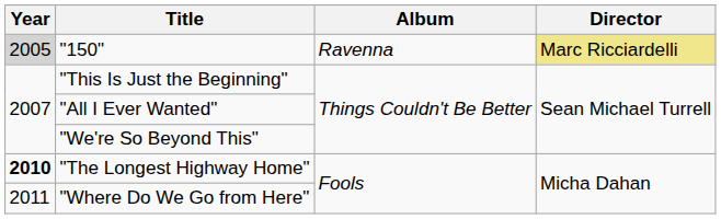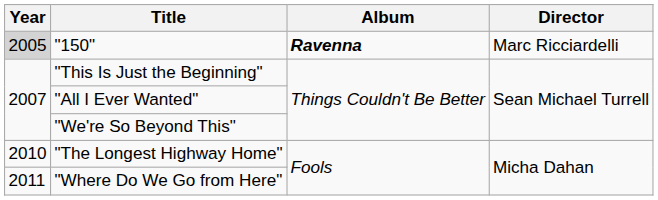 <table class="wikitable">
 <tr>
 <th>Year</th>
 <th>Title</th>
 <th>Album</th>
 <th>Director</th>
 </tr>
 <tr>
 <td style="background: lightgrey;">2005</td>
 <td>"150"</td>
-<td><em>Ravenna</em></td>
-<td style="background: khaki;">Marc Ricciardelli</td>
+<td><strong><em>Ravenna</em></strong></td>
+<td>Marc Ricciardelli</td>
 </tr>
 <tr>
 <td rowspan="3">2007</td>
 <td>"This Is Just the Beginning"</td>
 <td rowspan="3"><em>Things Couldn't Be Better</em></td>
 <td rowspan="3">Sean Michael Turrell</td>
 </tr>
 <tr>
 <td>"All I Ever Wanted"</td>
 </tr>
 <tr>
 <td>"We're So Beyond This"</td>
 </tr>
 <tr>
-<td><strong>2010</strong></td>
+<td>2010</td>
 <td>"The Longest Highway Home"</td>
 <td rowspan="2"><em>Fools</em></td>
 <td rowspan="2">Micha Dahan</td>
 </tr>
 <tr>
 <td>2011</td>
 <td>"Where Do We Go from Here"</td>
 </tr>
 </table>
